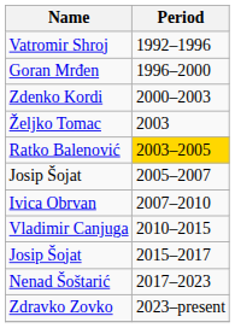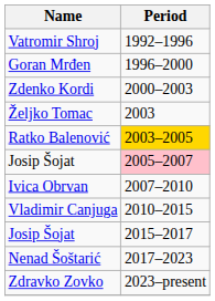 <table class="wikitable">
 <tr>
 <th>Name</th>
 <th>Period</th>
 </tr>
 <tr>
 <td><a href='#'>Vatromir Shroj</a></td>
 <td>1992–1996</td>
 </tr>
 <tr>
 <td><a href='#'>Goran Mrđen</a></td>
 <td>1996–2000</td>
 </tr>
 <tr>
 <td><a href='#'>Zdenko Kordi</a></td>
 <td>2000–2003</td>
 </tr>
 <tr>
 <td><a href='#'>Željko Tomac</a></td>
 <td>2003</td>
 </tr>
 <tr>
 <td><a href='#'>Ratko Balenović</a></td>
 <td style="background: gold;">2003–2005</td>
 </tr>
 <tr>
 <td>Josip Šojat</td>
-<td>2005–2007</td>
+<td style="background: pink;">2005–2007</td>
 </tr>
 <tr>
 <td><a href='#'>Ivica Obrvan</a></td>
 <td>2007–2010</td>
 </tr>
 <tr>
 <td><a href='#'>Vladimir Canjuga</a></td>
 <td>2010–2015</td>
 </tr>
 <tr>
 <td><a href='#'>Josip Šojat</a></td>
 <td>2015–2017</td>
 </tr>
 <tr>
 <td><a href='#'>Nenad Šoštarić</a></td>
 <td>2017–2023</td>
 </tr>
 <tr>
 <td><a href='#'>Zdravko Zovko</a></td>
 <td>2023–present</td>
 </tr>
 <tr>
 </tr>
 </table>
